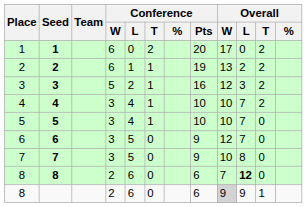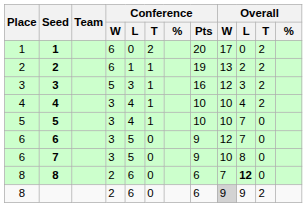 <table class="wikitable">
 <tr>
 <th rowspan ="2">Place</th>
 <th rowspan ="2">Seed</th>
 <th rowspan ="2">Team</th>
 <th colspan = "5">Conference</th>
 <th colspan = "4">Overall</th>
 </tr>
 <tr>
 <th scope="col" style="width: 20px;">W</th>
 <th scope="col" style="width: 20px;">L</th>
 <th scope="col" style="width: 20px;">T</th>
 <th scope="col" style="width: 30px;">%</th>
 <th scope="col" style="width: 30px;">Pts</th>
 <th scope="col" style="width: 20px;">W</th>
 <th scope="col" style="width: 20px;">L</th>
 <th scope="col" style="width: 20px;">T</th>
 <th scope="col" style="width: 30px;">%</th>
 </tr>
 <tr bgcolor=#ccffcc>
 <td style="text-align:center;">1</td>
 <td style="text-align:center;"><strong>1</strong></td>
 <td></td>
 <td>6</td>
 <td>0</td>
 <td>2</td>
 <td></td>
 <td>20</td>
 <td>17</td>
 <td>0</td>
 <td>2</td>
 <td></td>
 </tr>
 <tr bgcolor=#ccffcc>
 <td style="text-align:center;">2</td>
 <td style="text-align:center;"><strong>2</strong></td>
 <td></td>
 <td>6</td>
 <td>1</td>
 <td>1</td>
 <td></td>
 <td>19</td>
 <td>13</td>
 <td>2</td>
 <td>2</td>
 <td></td>
 </tr>
 <tr bgcolor=#ccffcc>
 <td style="text-align:center;">3</td>
 <td style="text-align:center;"><strong>3</strong></td>
 <td></td>
 <td>5</td>
-<td>2</td>
+<td>3</td>
 <td>1</td>
 <td></td>
 <td>16</td>
 <td>12</td>
 <td>3</td>
 <td>2</td>
 <td></td>
 </tr>
 <tr bgcolor=#ccffcc>
 <td style="text-align:center;">4</td>
 <td style="text-align:center;"><strong>4</strong></td>
 <td></td>
 <td>3</td>
 <td>4</td>
 <td>1</td>
 <td></td>
 <td>10</td>
 <td>10</td>
-<td>7</td>
+<td>4</td>
 <td>2</td>
 <td></td>
 </tr>
 <tr bgcolor=#ccffcc>
 <td style="text-align:center;">5</td>
 <td style="text-align:center;"><strong>5</strong></td>
 <td></td>
 <td>3</td>
 <td>4</td>
 <td>1</td>
 <td></td>
 <td>10</td>
 <td>10</td>
 <td>7</td>
 <td>0</td>
 <td></td>
 </tr>
 <tr bgcolor=#ccffcc>
 <td style="text-align:center;">6</td>
 <td style="text-align:center;"><strong>6</strong></td>
 <td></td>
 <td>3</td>
 <td>5</td>
 <td>0</td>
 <td></td>
 <td>9</td>
 <td>12</td>
 <td>7</td>
 <td>0</td>
 <td></td>
 </tr>
 <tr bgcolor=#ccffcc>
-<td style="text-align:center;">7</td>
+<td style="text-align:center;">6</td>
 <td style="text-align:center;"><strong>7</strong></td>
 <td></td>
 <td>3</td>
 <td>5</td>
 <td>0</td>
 <td></td>
 <td>9</td>
 <td>10</td>
 <td>8</td>
 <td>0</td>
 <td></td>
 </tr>
 <tr bgcolor=#ccffcc>
 <td style="text-align:center;">8</td>
 <td style="text-align:center;"><strong>8</strong></td>
 <td></td>
 <td>2</td>
 <td>6</td>
 <td>0</td>
 <td></td>
 <td>6</td>
 <td>7</td>
 <td><strong>12</strong></td>
 <td>0</td>
 <td></td>
 </tr>
 <tr>
 <td style="text-align:center;">8</td>
 <td style="text-align:center;"></td>
 <td></td>
 <td>2</td>
 <td>6</td>
 <td>0</td>
 <td></td>
 <td>6</td>
 <td style="background: lightgrey;">9</td>
 <td>9</td>
-<td>1</td>
+<td>2</td>
 <td></td>
 </tr>
 </table>
